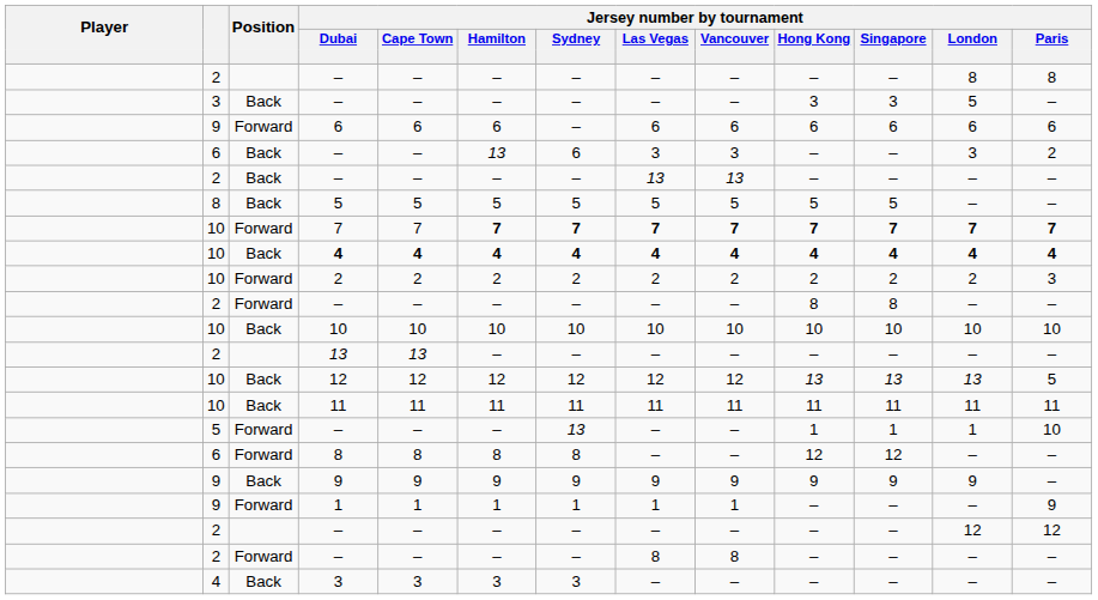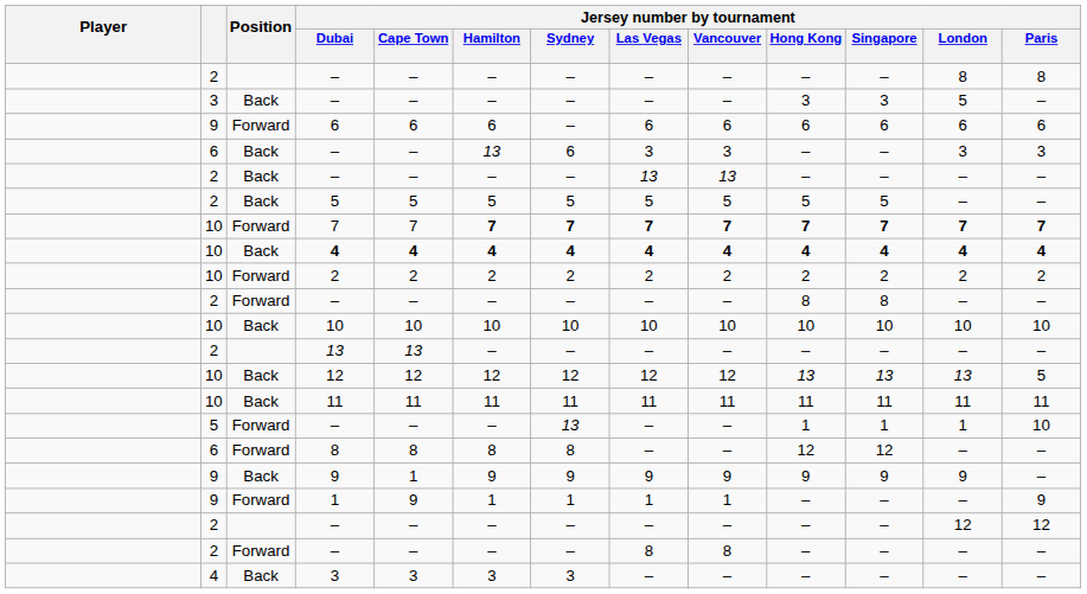 <table class="wikitable sortable" style="text-align:center;">
 <tr>
 <th rowspan=2 style="border-bottom:0px; width:12em;">Player</th>
 <th rowspan=2 style="border-bottom:0px;"></th>
 <th rowspan=2 style="border-bottom:0px;">Position</th>
 <th colspan=10 style="font-size:95%;">Jersey number by tournament</th>
 </tr>
 <tr>
 <th style="vertical-align:top;width:5.5em;border-bottom:1px solid transparent;padding:2px;font-size:85%;"><a href='#'>Dubai</a></th>
 <th style="vertical-align:top;width:5.5em;border-bottom:1px solid transparent;padding:2px;font-size:85%;"><a href='#'>Cape Town</a></th>
 <th style="vertical-align:top;width:5.5em;border-bottom:1px solid transparent;padding:2px;font-size:85%;"><a href='#'>Hamilton</a></th>
 <th style="vertical-align:top;width:5.5em;border-bottom:1px solid transparent;padding:2px;font-size:85%;"><a href='#'>Sydney</a></th>
 <th style="vertical-align:top;width:5.5em;border-bottom:1px solid transparent;padding:2px;font-size:85%;"><a href='#'>Las Vegas</a></th>
 <th style="vertical-align:top;width:5.5em;border-bottom:1px solid transparent;padding:2px;font-size:85%;"><a href='#'>Vancouver</a></th>
 <th style="vertical-align:top;width:5.5em;border-bottom:1px solid transparent;padding:2px;font-size:85%;"><a href='#'>Hong Kong</a></th>
 <th style="vertical-align:top;width:5.5em;border-bottom:1px solid transparent;padding:2px;font-size:85%;"><a href='#'>Singapore</a></th>
 <th style="vertical-align:top;width:5.5em;border-bottom:1px solid transparent;padding:2px;font-size:85%;"><a href='#'>London</a></th>
 <th style="vertical-align:top;width:5.5em;border-bottom:1px solid transparent;padding:2px;font-size:85%;"><a href='#'>Paris</a></th>
 </tr>
 <tr style="line-height:8px;">
 <th style="border-top:1px solid transparent;"></th>
 <th style="border-top:1px solid transparent;"> </th>
 <th style="border-top:1px solid transparent;"> </th>
 <th data-sort-type="number" style="border-top:1px solid transparent;"></th>
 <th data-sort-type="number" style="border-top:1px solid transparent;"></th>
 <th data-sort-type="number" style="border-top:1px solid transparent;"></th>
 <th data-sort-type="number" style="border-top:1px solid transparent;"></th>
 <th data-sort-type="number" style="border-top:1px solid transparent;"></th>
 <th data-sort-type="number" style="border-top:1px solid transparent;"></th>
 <th data-sort-type="number" style="border-top:1px solid transparent;"></th>
 <th data-sort-type="number" style="border-top:1px solid transparent;"></th>
 <th data-sort-type="number" style="border-top:1px solid transparent;"></th>
 <th data-sort-type="number" style="border-top:1px solid transparent;"></th>
 </tr>
 <tr>
 <td align=left></td>
 <td>2</td>
 <td></td>
 <td>–</td>
 <td>–</td>
 <td>–</td>
 <td>–</td>
 <td>–</td>
 <td>–</td>
 <td>–</td>
 <td>–</td>
 <td>8</td>
 <td>8</td>
 </tr>
 <tr>
 <td align=left></td>
 <td>3</td>
 <td>Back</td>
 <td>–</td>
 <td>–</td>
 <td>–</td>
 <td>–</td>
 <td>–</td>
 <td>–</td>
 <td>3</td>
 <td>3</td>
 <td>5</td>
 <td>–</td>
 </tr>
 <tr>
 <td align=left></td>
 <td>9</td>
 <td>Forward</td>
 <td>6</td>
 <td>6</td>
 <td>6</td>
 <td>–</td>
 <td>6</td>
 <td>6</td>
 <td>6</td>
 <td>6</td>
 <td>6</td>
 <td>6</td>
 </tr>
 <tr>
 <td align=left></td>
 <td>6</td>
 <td>Back</td>
 <td>–</td>
 <td>–</td>
 <td><em>13</em></td>
 <td>6</td>
 <td>3</td>
 <td>3</td>
 <td>–</td>
 <td>–</td>
 <td>3</td>
-<td>2</td>
+<td>3</td>
 </tr>
 <tr>
 <td align=left></td>
 <td>2</td>
 <td>Back</td>
 <td>–</td>
 <td>–</td>
 <td>–</td>
 <td>–</td>
 <td><em>13</em></td>
 <td><em>13</em></td>
 <td>–</td>
 <td>–</td>
 <td>–</td>
 <td>–</td>
 </tr>
 <tr>
 <td align=left></td>
-<td>8</td>
+<td>2</td>
 <td>Back</td>
 <td>5</td>
 <td>5</td>
 <td>5</td>
 <td>5</td>
 <td>5</td>
 <td>5</td>
 <td>5</td>
 <td>5</td>
 <td>–</td>
 <td>–</td>
 </tr>
 <tr>
 <td align=left></td>
 <td>10</td>
 <td>Forward</td>
 <td>7</td>
 <td>7</td>
 <td><strong>7</strong></td>
 <td><strong>7</strong></td>
 <td><strong>7</strong></td>
 <td><strong>7</strong></td>
 <td><strong>7</strong></td>
 <td><strong>7</strong></td>
 <td><strong>7</strong></td>
 <td><strong>7</strong></td>
 </tr>
 <tr>
 <td align=left></td>
 <td>10</td>
 <td>Back</td>
 <td><strong>4</strong></td>
 <td><strong>4</strong></td>
 <td><strong>4</strong></td>
 <td><strong>4</strong></td>
 <td><strong>4</strong></td>
 <td><strong>4</strong></td>
 <td><strong>4</strong></td>
 <td><strong>4</strong></td>
 <td><strong>4</strong></td>
 <td><strong>4</strong></td>
 </tr>
 <tr>
 <td align=left></td>
 <td>10</td>
 <td>Forward</td>
 <td>2</td>
 <td>2</td>
 <td>2</td>
 <td>2</td>
 <td>2</td>
 <td>2</td>
 <td>2</td>
 <td>2</td>
 <td>2</td>
-<td>3</td>
+<td>2</td>
 </tr>
 <tr>
 <td align=left></td>
 <td>2</td>
 <td>Forward</td>
 <td>–</td>
 <td>–</td>
 <td>–</td>
 <td>–</td>
 <td>–</td>
 <td>–</td>
 <td>8</td>
 <td>8</td>
 <td>–</td>
 <td>–</td>
 </tr>
 <tr>
 <td align=left></td>
 <td>10</td>
 <td>Back</td>
 <td>10</td>
 <td>10</td>
 <td>10</td>
 <td>10</td>
 <td>10</td>
 <td>10</td>
 <td>10</td>
 <td>10</td>
 <td>10</td>
 <td>10</td>
 </tr>
 <tr>
 <td align=left></td>
 <td>2</td>
 <td></td>
 <td><em>13</em></td>
 <td><em>13</em></td>
 <td>–</td>
 <td>–</td>
 <td>–</td>
 <td>–</td>
 <td>–</td>
 <td>–</td>
 <td>–</td>
 <td>–</td>
 </tr>
 <tr>
 <td align=left></td>
 <td>10</td>
 <td>Back</td>
 <td>12</td>
 <td>12</td>
 <td>12</td>
 <td>12</td>
 <td>12</td>
 <td>12</td>
 <td><em>13</em></td>
 <td><em>13</em></td>
 <td><em>13</em></td>
 <td>5</td>
 </tr>
 <tr>
 <td align=left></td>
 <td>10</td>
 <td>Back</td>
 <td>11</td>
 <td>11</td>
 <td>11</td>
 <td>11</td>
 <td>11</td>
 <td>11</td>
 <td>11</td>
 <td>11</td>
 <td>11</td>
 <td>11</td>
 </tr>
 <tr>
 <td align=left></td>
 <td>5</td>
 <td>Forward</td>
 <td>–</td>
 <td>–</td>
 <td>–</td>
 <td><em>13</em></td>
 <td>–</td>
 <td>–</td>
 <td>1</td>
 <td>1</td>
 <td>1</td>
 <td>10</td>
 </tr>
 <tr>
 <td align=left></td>
 <td>6</td>
 <td>Forward</td>
 <td>8</td>
 <td>8</td>
 <td>8</td>
 <td>8</td>
 <td>–</td>
 <td>–</td>
 <td>12</td>
 <td>12</td>
 <td>–</td>
 <td>–</td>
 </tr>
 <tr>
 <td align=left></td>
 <td>9</td>
 <td>Back</td>
 <td>9</td>
-<td>9</td>
+<td>1</td>
 <td>9</td>
 <td>9</td>
 <td>9</td>
 <td>9</td>
 <td>9</td>
 <td>9</td>
 <td>9</td>
 <td>–</td>
 </tr>
 <tr>
 <td align=left></td>
 <td>9</td>
 <td>Forward</td>
 <td>1</td>
-<td>1</td>
+<td>9</td>
 <td>1</td>
 <td>1</td>
 <td>1</td>
 <td>1</td>
 <td>–</td>
 <td>–</td>
 <td>–</td>
 <td>9</td>
 </tr>
 <tr>
 <td align=left></td>
 <td>2</td>
 <td></td>
 <td>–</td>
 <td>–</td>
 <td>–</td>
 <td>–</td>
 <td>–</td>
 <td>–</td>
 <td>–</td>
 <td>–</td>
 <td>12</td>
 <td>12</td>
 </tr>
 <tr>
 <td align=left></td>
 <td>2</td>
 <td>Forward</td>
 <td>–</td>
 <td>–</td>
 <td>–</td>
 <td>–</td>
 <td>8</td>
 <td>8</td>
 <td>–</td>
 <td>–</td>
 <td>–</td>
 <td>–</td>
 </tr>
 <tr>
 <td align=left></td>
 <td>4</td>
 <td>Back</td>
 <td>3</td>
 <td>3</td>
 <td>3</td>
 <td>3</td>
 <td>–</td>
 <td>–</td>
 <td>–</td>
 <td>–</td>
 <td>–</td>
 <td>–</td>
 </tr>
 </table>
